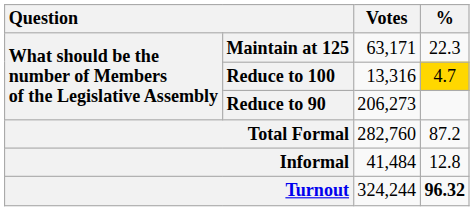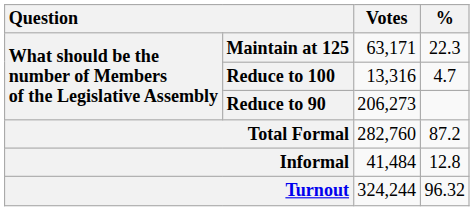 <table class="wikitable" align="center">
 <tr ---->
 <th colspan="2" style="text-align:left">Question</th>
 <th>Votes</th>
 <th>%</th>
 </tr>
 <tr>
 <th rowspan="3" style="text-align:left">What should be the<br>number of Members<br>of the Legislative Assembly</th>
 <th style="text-align:left">Maintain at 125</th>
 <td align="right">63,171</td>
 <td align="center">22.3</td>
 </tr>
 <tr>
 <th style="text-align:left">Reduce to 100</th>
 <td align="right">13,316</td>
-<td align="center" style="background: gold;">4.7</td>
+<td align="center">4.7</td>
 </tr>
 <tr>
 <th style="text-align:left">Reduce to 90</th>
 <td align="right">206,273</td>
 <td></td>
 </tr>
 <tr>
 <th colspan="2" style="text-align:right">Total Formal</th>
 <td align="right">282,760</td>
 <td align="center">87.2</td>
 </tr>
 <tr>
 <th colspan="2" style="text-align:right">Informal</th>
 <td align="right">41,484</td>
 <td align="center">12.8</td>
 </tr>
 <tr>
 <th colspan="2" style="text-align:right"><a href='#'>Turnout</a></th>
 <td align="right">324,244</td>
-<td align="center"><strong>96.32</strong></td>
+<td align="center">96.32</td>
 </tr>
 </table>
